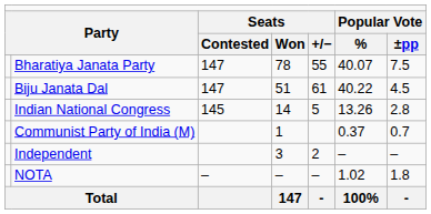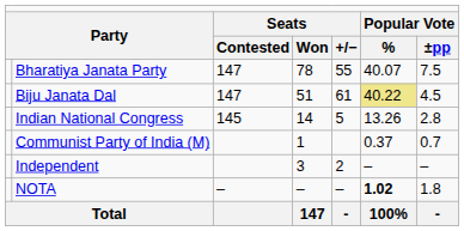 <table class="wikitable">
 <tr>
 <td colspan="7"></td>
 </tr>
 <tr>
 <th colspan="2" rowspan="2">Party</th>
 <th colspan="3">Seats</th>
 <th colspan="2">Popular Vote</th>
 </tr>
 <tr>
 <th>Contested</th>
 <th>Won</th>
 <th><strong>+/−</strong></th>
 <th>%</th>
 <th>±<a href='#'>pp</a></th>
 </tr>
 <tr>
 <td style="background-color: "></td>
 <td><a href='#'>Bharatiya Janata Party</a></td>
 <td>147</td>
 <td>78</td>
 <td>55</td>
 <td>40.07</td>
 <td>7.5</td>
 </tr>
 <tr>
 <td style="background-color: "></td>
 <td><a href='#'>Biju Janata Dal</a></td>
 <td>147</td>
 <td>51</td>
 <td>61</td>
-<td>40.22</td>
+<td style="background: khaki;">40.22</td>
 <td>4.5</td>
 </tr>
 <tr>
 <td style="background-color: "></td>
 <td><a href='#'>Indian National Congress</a></td>
 <td>145</td>
 <td>14</td>
 <td>5</td>
 <td>13.26</td>
 <td>2.8</td>
 </tr>
 <tr>
 <td style="background-color: "></td>
 <td><a href='#'>Communist Party of India (M)</a></td>
 <td></td>
 <td>1</td>
 <td></td>
 <td>0.37</td>
 <td>0.7</td>
 </tr>
 <tr>
 <td style="background-color: "></td>
 <td><a href='#'>Independent</a></td>
 <td></td>
 <td>3</td>
 <td>2</td>
 <td>–</td>
 <td>–</td>
 </tr>
 <tr>
 <td style="background-color: "></td>
 <td><a href='#'>NOTA</a></td>
 <td>–</td>
 <td>–</td>
 <td>–</td>
-<td>1.02</td>
+<td><strong>1.02</strong></td>
 <td>1.8</td>
 </tr>
 <tr>
 <th colspan="2">Total</th>
 <th></th>
 <th>147</th>
 <th>-</th>
 <th>100%</th>
 <th>-</th>
 </tr>
 </table>
